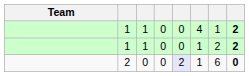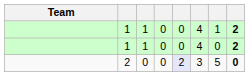 <table class="wikitable" style="text-align:center;">
 <tr>
 <th width=165>Team</th>
 <th width=20></th>
 <th width=20></th>
 <th width=20></th>
 <th width=20></th>
 <th width=20></th>
 <th width=20></th>
 <th width=20></th>
 </tr>
 <tr style="background:#cfc;">
 <td align="left"></td>
 <td>1</td>
 <td>1</td>
 <td>0</td>
 <td>0</td>
 <td>4</td>
 <td>1</td>
 <td><strong>2</strong></td>
 </tr>
 <tr style="background:#cfc;">
 <td align="left"></td>
 <td>1</td>
 <td>1</td>
 <td>0</td>
 <td>0</td>
-<td>1</td>
-<td>2</td>
+<td>4</td>
+<td>0</td>
 <td><strong>2</strong></td>
 </tr>
 <tr>
 <td align="left"></td>
 <td>2</td>
 <td>0</td>
 <td>0</td>
 <td style="background: lavender;">2</td>
-<td>1</td>
-<td>6</td>
+<td>3</td>
+<td>5</td>
 <td><strong>0</strong></td>
 </tr>
 </table>
